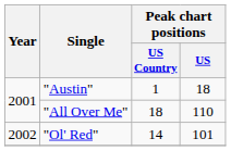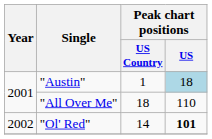 <table class="wikitable" style="text-align:center;">
 <tr>
 <th rowspan="2">Year</th>
 <th rowspan="2">Single</th>
 <th colspan="2">Peak chart<br>positions</th>
 </tr>
 <tr style="font-size:smaller;">
 <th width="45"><a href='#'>US Country</a></th>
 <th width="45"><a href='#'>US</a></th>
 </tr>
 <tr>
 <td rowspan="2">2001</td>
 <td align="left">"<a href='#'>Austin</a>"</td>
 <td>1</td>
-<td>18</td>
+<td style="background: lightblue;">18</td>
 </tr>
 <tr>
 <td align="left">"<a href='#'>All Over Me</a>"</td>
 <td>18</td>
 <td>110</td>
 </tr>
 <tr>
 <td>2002</td>
 <td align="left">"<a href='#'>Ol' Red</a>"</td>
 <td>14</td>
-<td>101</td>
+<td><strong>101</strong></td>
 </tr>
 <tr>
 </tr>
 </table>
